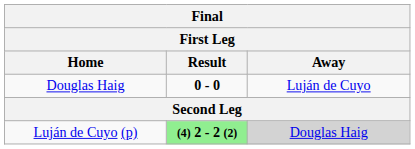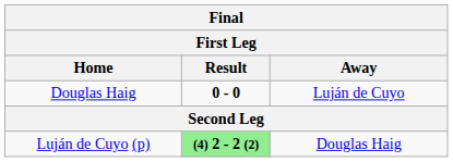 <table align=center class="wikitable collapsible collapsed" style="font-size:95%; text-align: center; width: 70%;">
 <tr>
 <th colspan=100% style="with: 100%;" align=center>Final</th>
 </tr>
 <tr>
 <th colspan=100% style="with: 75%;" align=center>First Leg</th>
 </tr>
 <tr>
 <th width=30%>Home</th>
 <th width=15%>Result</th>
 <th width=30%>Away</th>
 </tr>
 <tr align=center>
 <td><a href='#'>Douglas Haig</a></td>
 <td><strong>0 - 0</strong></td>
 <td><a href='#'>Luján de Cuyo</a></td>
 </tr>
 <tr>
 <th colspan=100% style="with: 75%;" align=center>Second Leg</th>
 </tr>
 <tr align=center>
 <td><a href='#'>Luján de Cuyo</a> <a href='#'>(p)</a></td>
 <td style="background: lightgreen;"><strong><small>(4)</small> 2 - 2 <small>(2)</small></strong></td>
-<td style="background: lightgrey;"><a href='#'>Douglas Haig</a></td>
+<td><a href='#'>Douglas Haig</a></td>
 </tr>
 </table>
